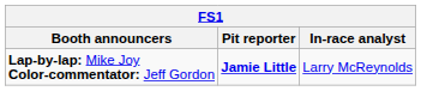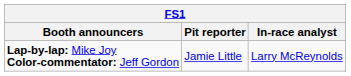 <table class="wikitable" style="font-size: 95%">
 <tr>
 <th colspan="3"><a href='#'>FS1</a></th>
 </tr>
 <tr>
 <th>Booth announcers</th>
 <th>Pit reporter</th>
 <th>In-race analyst</th>
 </tr>
 <tr>
 <td><strong>Lap-by-lap:</strong> <a href='#'>Mike Joy</a><br><strong>Color-commentator:</strong> <a href='#'>Jeff Gordon</a></td>
-<td><strong><a href='#'>Jamie Little</a></strong></td>
+<td><a href='#'>Jamie Little</a></td>
 <td><a href='#'>Larry McReynolds</a></td>
 </tr>
 </table>
